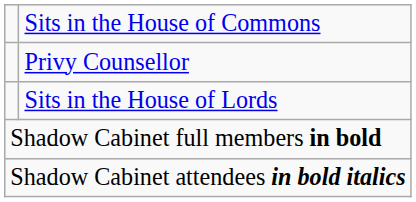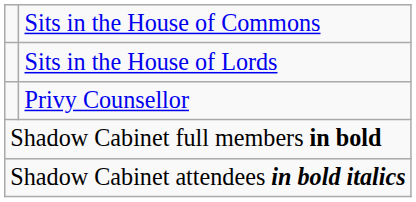 <table class="wikitable">
 <tr>
 <td style="background: "></td>
 <td><a href='#'>Sits in the House of Commons</a></td>
 </tr>
 <tr>
 <td style="background: "></td>
-<td><a href='#'>Privy Counsellor</a></td>
+<td><a href='#'>Sits in the House of Lords</a></td>
 </tr>
 <tr>
 <td style="background: "></td>
-<td><a href='#'>Sits in the House of Lords</a></td>
+<td><a href='#'>Privy Counsellor</a></td>
 </tr>
 <tr>
 <td colspan="2">Shadow Cabinet full members <strong>in bold</strong></td>
 </tr>
 <tr>
 <td colspan="2">Shadow Cabinet attendees <strong><em>in bold italics</em></strong></td>
 </tr>
 </table>
